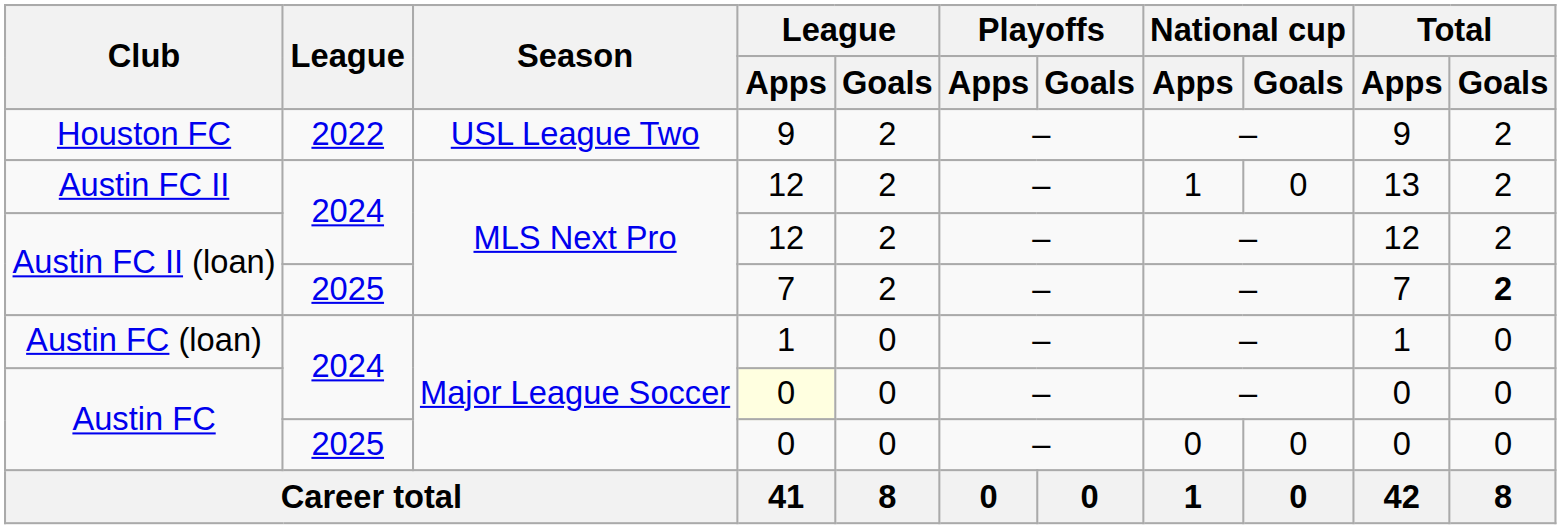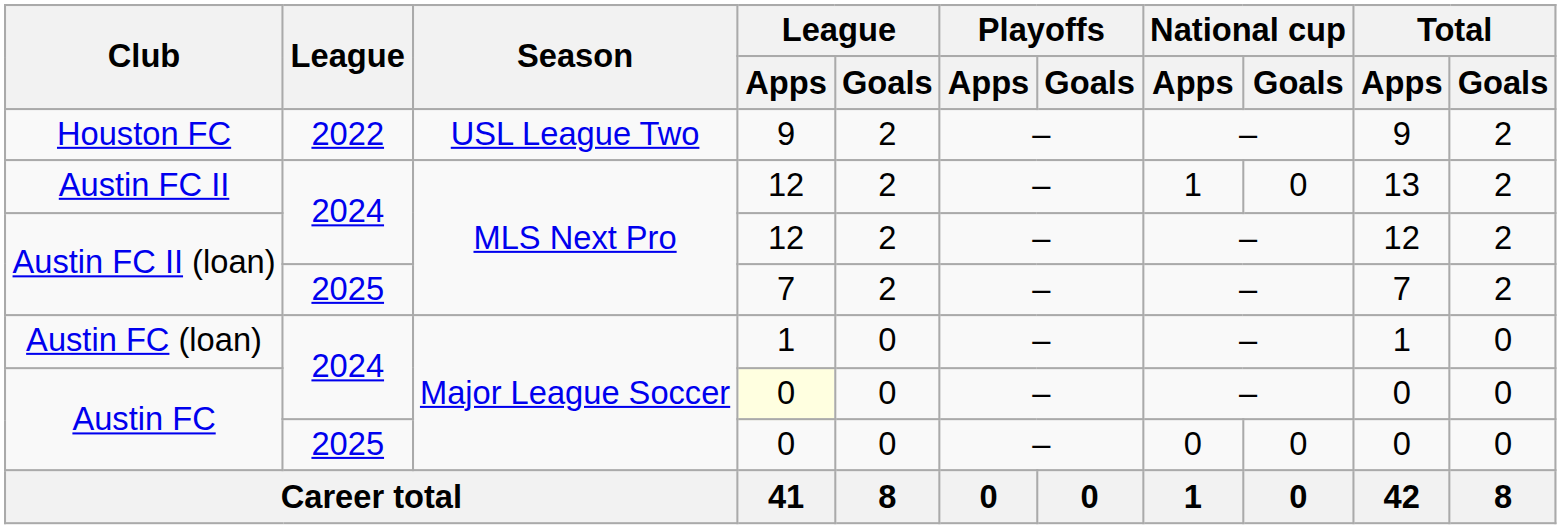 <table class="wikitable" style="text-align:center">
 <tr>
 <th rowspan="2">Club</th>
 <th rowspan="2">League</th>
 <th rowspan="2">Season</th>
 <th colspan="2">League</th>
 <th colspan="2">Playoffs</th>
 <th colspan="2">National cup</th>
 <th colspan="2">Total</th>
 </tr>
 <tr>
 <th>Apps</th>
 <th>Goals</th>
 <th>Apps</th>
 <th>Goals</th>
 <th>Apps</th>
 <th>Goals</th>
 <th>Apps</th>
 <th>Goals</th>
 </tr>
 <tr>
 <td><a href='#'>Houston FC</a></td>
 <td><a href='#'>2022</a></td>
 <td><a href='#'>USL League Two</a></td>
 <td>9</td>
 <td>2</td>
 <td colspan="2">–</td>
 <td colspan="2">–</td>
 <td>9</td>
 <td>2</td>
 </tr>
 <tr>
 <td><a href='#'>Austin FC II</a></td>
 <td rowspan=2><a href='#'>2024</a></td>
 <td rowspan=3><a href='#'>MLS Next Pro</a></td>
 <td>12</td>
 <td>2</td>
 <td colspan="2">–</td>
 <td>1</td>
 <td>0</td>
 <td>13</td>
 <td>2</td>
 </tr>
 <tr>
 <td rowspan=2><a href='#'>Austin FC II</a> (loan)</td>
 <td>12</td>
 <td>2</td>
 <td colspan="2">–</td>
 <td colspan="2">–</td>
 <td>12</td>
 <td>2</td>
 </tr>
 <tr>
 <td><a href='#'>2025</a></td>
 <td>7</td>
 <td>2</td>
 <td colspan="2">–</td>
 <td colspan="2">–</td>
 <td>7</td>
-<td><strong>2</strong></td>
+<td>2</td>
 </tr>
 <tr>
 <td><a href='#'>Austin FC</a> (loan)</td>
 <td rowspan=2><a href='#'>2024</a></td>
 <td rowspan=3><a href='#'>Major League Soccer</a></td>
 <td>1</td>
 <td>0</td>
 <td colspan="2">–</td>
 <td colspan="2">–</td>
 <td>1</td>
 <td>0</td>
 </tr>
 <tr>
 <td rowspan=2><a href='#'>Austin FC</a></td>
 <td style="background: lightyellow;">0</td>
 <td>0</td>
 <td colspan="2">–</td>
 <td colspan="2">–</td>
 <td>0</td>
 <td>0</td>
 </tr>
 <tr>
 <td><a href='#'>2025</a></td>
 <td>0</td>
 <td>0</td>
 <td colspan="2">–</td>
 <td>0</td>
 <td>0</td>
 <td>0</td>
 <td>0</td>
 </tr>
 <tr>
 <th colspan="3">Career total</th>
 <th>41</th>
 <th>8</th>
 <th>0</th>
 <th>0</th>
 <th>1</th>
 <th>0</th>
 <th>42</th>
 <th>8</th>
 </tr>
 </table>
